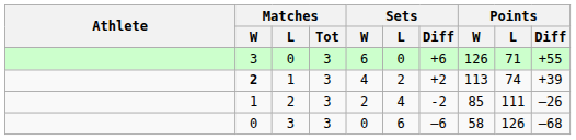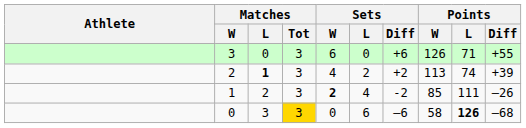 <table class=wikitable style="text-align:center">
 <tr>
 <th rowspan=2 width=220>Athlete</th>
 <th colspan=3 width=90>Matches</th>
 <th colspan=3 width=90>Sets</th>
 <th colspan=3 width=90>Points</th>
 </tr>
 <tr>
 <th width=30>W</th>
 <th width=30>L</th>
 <th width=30>Tot</th>
 <th width=30>W</th>
 <th width=30>L</th>
 <th width=30>Diff</th>
 <th width=30>W</th>
 <th width=30>L</th>
 <th width=30>Diff</th>
 </tr>
 <tr bgcolor=ccffcc>
 <td style="text-align:left"></td>
 <td>3</td>
 <td>0</td>
 <td>3</td>
 <td>6</td>
 <td>0</td>
 <td>+6</td>
 <td>126</td>
 <td>71</td>
 <td>+55</td>
 </tr>
 <tr>
 <td style="text-align:left"></td>
-<td><strong>2</strong></td>
-<td>1</td>
+<td>2</td>
+<td><strong>1</strong></td>
 <td>3</td>
 <td>4</td>
 <td>2</td>
 <td>+2</td>
 <td>113</td>
 <td>74</td>
 <td>+39</td>
 </tr>
 <tr>
 <td style="text-align:left"></td>
 <td>1</td>
 <td>2</td>
 <td>3</td>
-<td>2</td>
+<td><strong>2</strong></td>
 <td>4</td>
 <td>-2</td>
 <td>85</td>
 <td>111</td>
 <td>–26</td>
 </tr>
 <tr>
 <td style="text-align:left"></td>
 <td>0</td>
 <td>3</td>
-<td>3</td>
+<td style="background: gold;">3</td>
 <td>0</td>
 <td>6</td>
 <td>–6</td>
 <td>58</td>
-<td>126</td>
+<td><strong>126</strong></td>
 <td>–68</td>
 </tr>
 </table>
